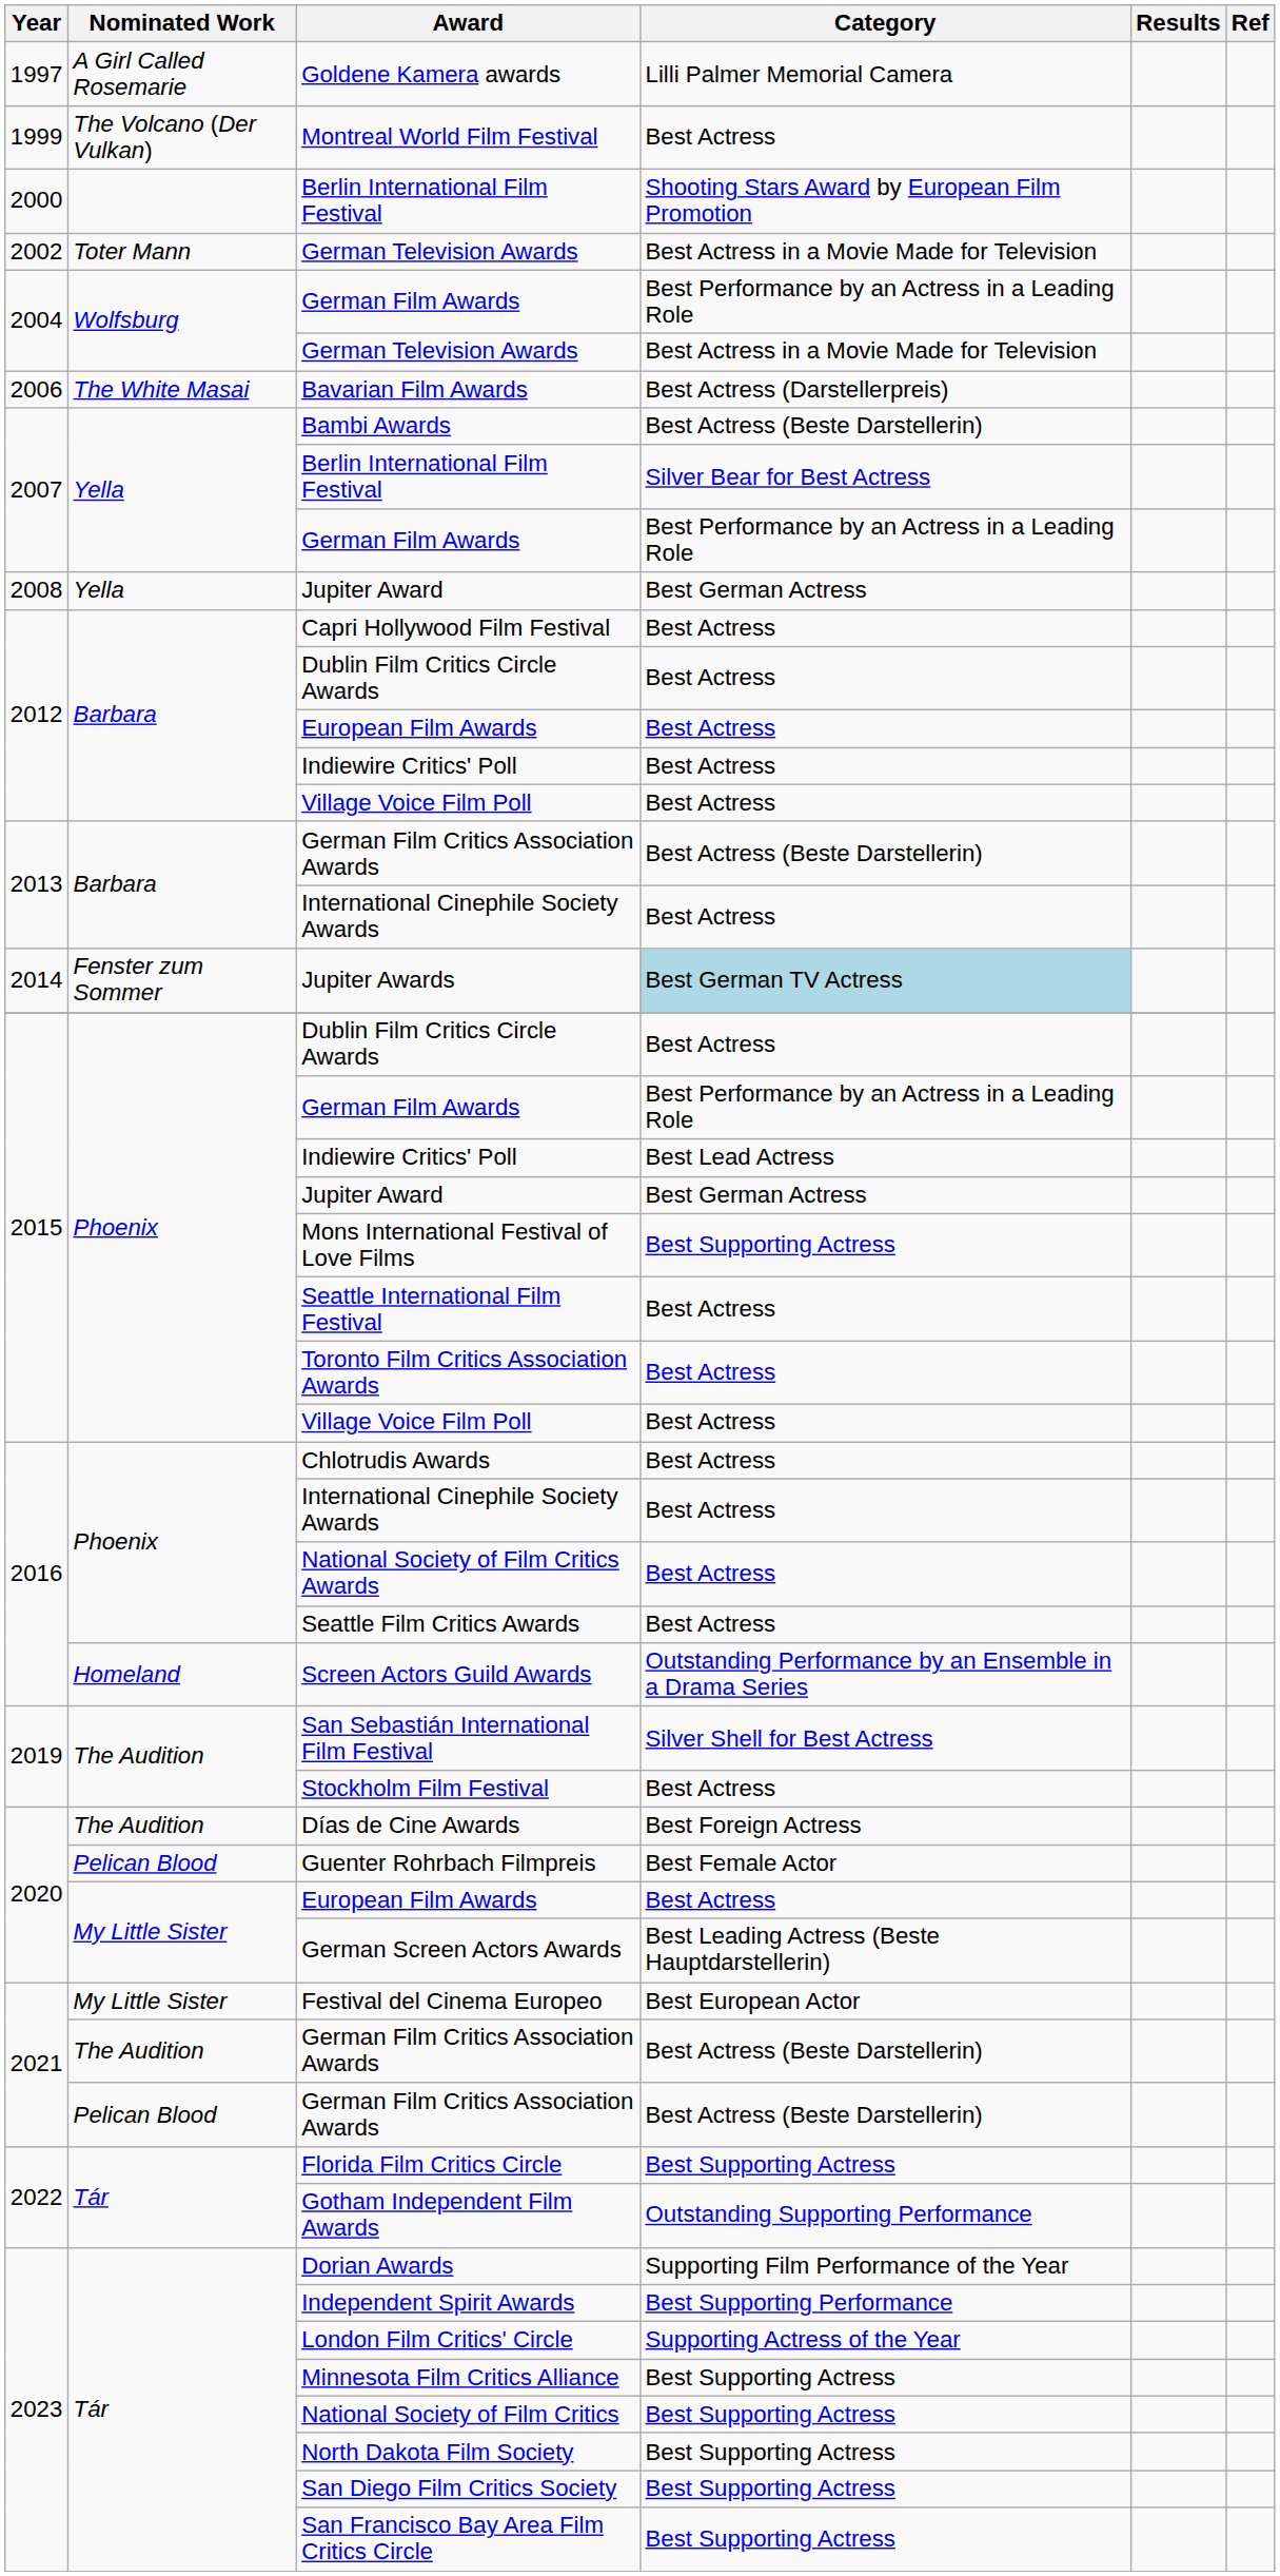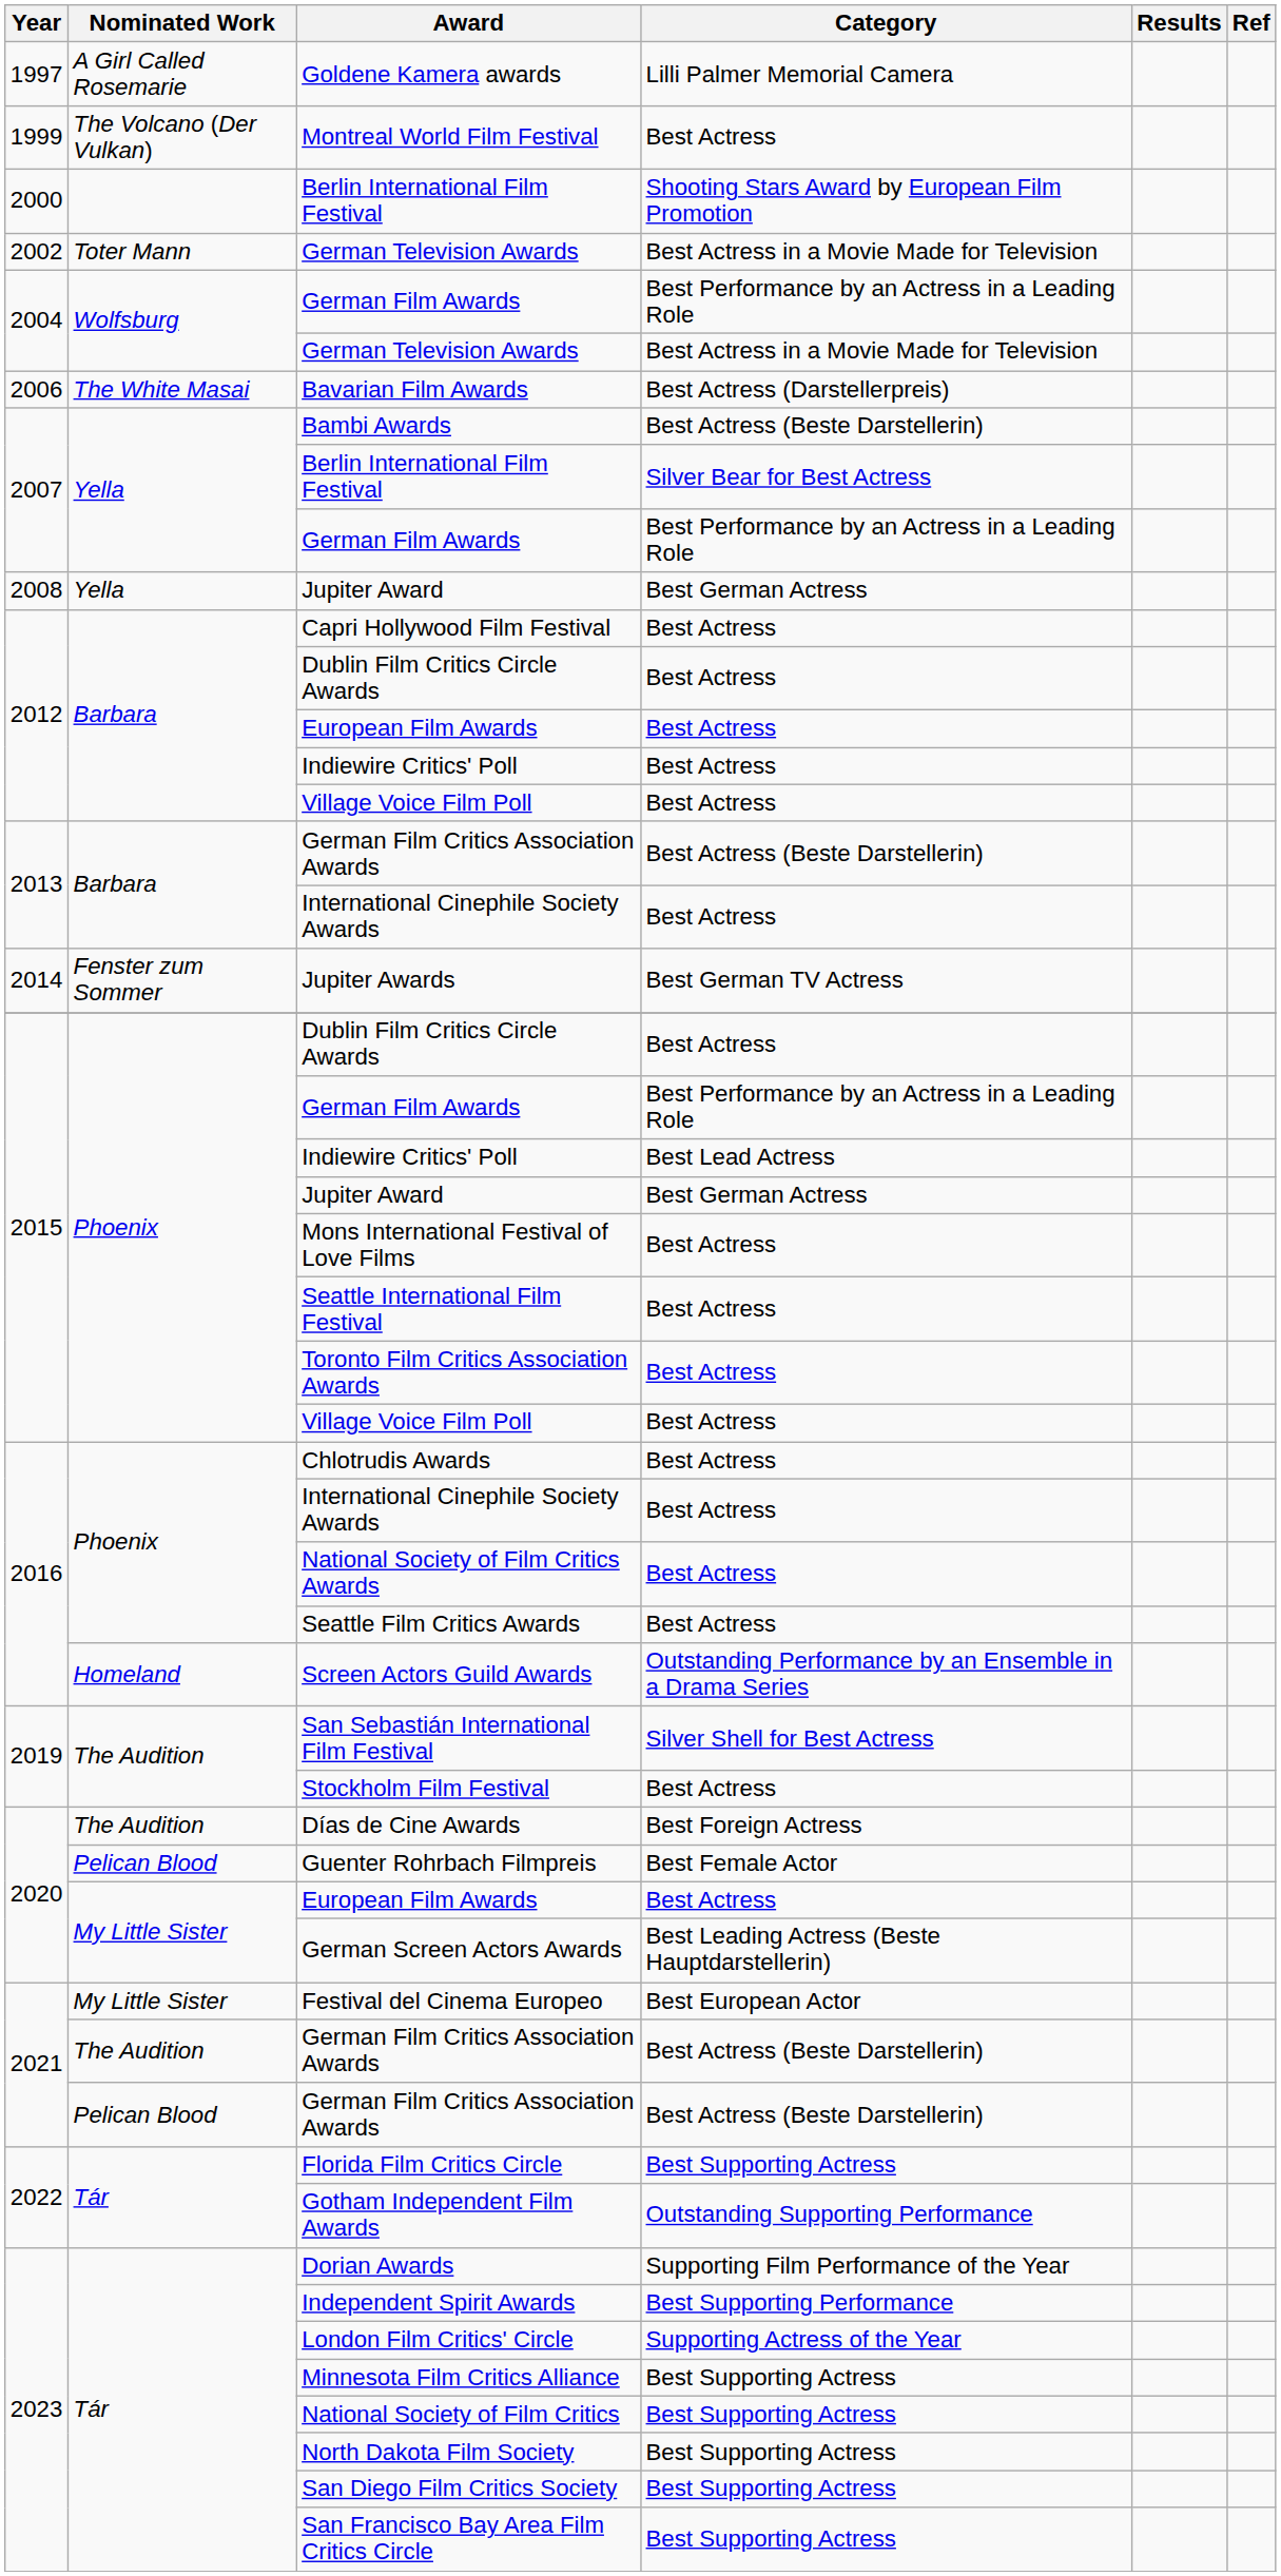 <table class="wikitable sortable">
 <tr>
 <th>Year</th>
 <th>Nominated Work</th>
 <th>Award</th>
 <th>Category</th>
 <th>Results</th>
 <th class="unsortable">Ref</th>
 </tr>
 <tr>
 <td>1997</td>
 <td><em>A Girl Called Rosemarie</em></td>
 <td><a href='#'>Goldene Kamera</a> awards</td>
 <td>Lilli Palmer Memorial Camera</td>
 <td></td>
 <td></td>
 </tr>
 <tr>
 <td>1999</td>
 <td><em>The Volcano</em> (<em>Der Vulkan</em>)</td>
 <td><a href='#'>Montreal World Film Festival</a></td>
 <td>Best Actress</td>
 <td></td>
 <td></td>
 </tr>
 <tr>
 <td>2000</td>
 <td></td>
 <td><a href='#'>Berlin International Film Festival</a></td>
 <td><a href='#'>Shooting Stars Award</a> by <a href='#'>European Film Promotion</a></td>
 <td></td>
 <td></td>
 </tr>
 <tr>
 <td>2002</td>
 <td><em>Toter Mann</em></td>
 <td><a href='#'>German Television Awards</a></td>
 <td>Best Actress in a Movie Made for Television</td>
 <td></td>
 <td></td>
 </tr>
 <tr>
 <td rowspan=2>2004</td>
 <td rowspan=2><em><a href='#'>Wolfsburg</a></em></td>
 <td><a href='#'>German Film Awards</a></td>
 <td>Best Performance by an Actress in a Leading Role</td>
 <td></td>
 <td></td>
 </tr>
 <tr>
 <td><a href='#'>German Television Awards</a></td>
 <td>Best Actress in a Movie Made for Television</td>
 <td></td>
 <td></td>
 </tr>
 <tr>
 <td>2006</td>
 <td><em><a href='#'>The White Masai</a></em></td>
 <td><a href='#'>Bavarian Film Awards</a></td>
 <td>Best Actress (Darstellerpreis)</td>
 <td></td>
 <td style="text-align:center;"></td>
 </tr>
 <tr>
 <td rowspan=3>2007</td>
 <td rowspan=3><em><a href='#'>Yella</a></em></td>
 <td><a href='#'>Bambi Awards</a></td>
 <td>Best Actress (Beste Darstellerin)</td>
 <td></td>
 <td></td>
 </tr>
 <tr>
 <td><a href='#'>Berlin International Film Festival</a></td>
 <td><a href='#'>Silver Bear for Best Actress</a></td>
 <td></td>
 <td></td>
 </tr>
 <tr>
 <td><a href='#'>German Film Awards</a></td>
 <td>Best Performance by an Actress in a Leading Role</td>
 <td></td>
 <td></td>
 </tr>
 <tr>
 <td>2008</td>
 <td><em>Yella</em></td>
 <td>Jupiter Award</td>
 <td>Best German Actress</td>
 <td></td>
 <td></td>
 </tr>
 <tr>
 <td rowspan=5>2012</td>
 <td rowspan=5><em><a href='#'>Barbara</a></em></td>
 <td>Capri Hollywood Film Festival</td>
 <td>Best Actress</td>
 <td></td>
 <td></td>
 </tr>
 <tr>
 <td>Dublin Film Critics Circle Awards</td>
 <td>Best Actress</td>
 <td></td>
 <td></td>
 </tr>
 <tr>
 <td><a href='#'>European Film Awards</a></td>
 <td><a href='#'>Best Actress</a></td>
 <td></td>
 <td></td>
 </tr>
 <tr>
 <td>Indiewire Critics' Poll</td>
 <td>Best Actress</td>
 <td></td>
 <td></td>
 </tr>
 <tr>
 <td><a href='#'>Village Voice Film Poll</a></td>
 <td>Best Actress</td>
 <td></td>
 <td></td>
 </tr>
 <tr>
 <td rowspan=2>2013</td>
 <td rowspan=2><em>Barbara</em></td>
 <td>German Film Critics Association Awards</td>
 <td>Best Actress (Beste Darstellerin)</td>
 <td></td>
 <td></td>
 </tr>
 <tr>
 <td>International Cinephile Society Awards</td>
 <td>Best Actress</td>
 <td></td>
 <td></td>
 </tr>
 <tr>
 <td>2014</td>
 <td><em>Fenster zum Sommer</em></td>
 <td>Jupiter Awards</td>
-<td style="background: lightblue;">Best German TV Actress</td>
+<td>Best German TV Actress</td>
 <td></td>
 <td></td>
 </tr>
 <tr>
 </tr>
 <tr>
 <td rowspan=8>2015</td>
 <td rowspan=8><em><a href='#'>Phoenix</a></em></td>
 <td>Dublin Film Critics Circle Awards</td>
 <td>Best Actress</td>
 <td></td>
 <td></td>
 </tr>
 <tr>
 <td><a href='#'>German Film Awards</a></td>
 <td>Best Performance by an Actress in a Leading Role</td>
 <td></td>
 <td></td>
 </tr>
 <tr>
 <td>Indiewire Critics' Poll</td>
 <td>Best Lead Actress</td>
 <td></td>
 <td></td>
 </tr>
 <tr>
 <td>Jupiter Award</td>
 <td>Best German Actress</td>
 <td></td>
 <td></td>
 </tr>
 <tr>
 <td>Mons International Festival of Love Films</td>
-<td><a href='#'>Best Supporting Actress</a></td>
+<td>Best Actress</td>
 <td></td>
 <td></td>
 </tr>
 <tr>
 <td><a href='#'>Seattle International Film Festival</a></td>
 <td>Best Actress</td>
 <td></td>
 <td></td>
 </tr>
 <tr>
 <td><a href='#'>Toronto Film Critics Association Awards</a></td>
 <td><a href='#'>Best Actress</a></td>
 <td></td>
 <td></td>
 </tr>
 <tr>
 <td><a href='#'>Village Voice Film Poll</a></td>
 <td>Best Actress</td>
 <td></td>
 <td></td>
 </tr>
 <tr>
 <td rowspan=5>2016</td>
 <td rowspan=4><em>Phoenix</em></td>
 <td>Chlotrudis Awards</td>
 <td>Best Actress</td>
 <td></td>
 <td></td>
 </tr>
 <tr>
 <td>International Cinephile Society Awards</td>
 <td>Best Actress</td>
 <td></td>
 <td></td>
 </tr>
 <tr>
 <td><a href='#'>National Society of Film Critics Awards</a></td>
 <td><a href='#'>Best Actress</a></td>
 <td></td>
 <td></td>
 </tr>
 <tr>
 <td>Seattle Film Critics Awards</td>
 <td>Best Actress</td>
 <td></td>
 <td></td>
 </tr>
 <tr>
 <td><em><a href='#'>Homeland</a></em></td>
 <td><a href='#'>Screen Actors Guild Awards</a></td>
 <td><a href='#'>Outstanding Performance by an Ensemble in a Drama Series</a></td>
 <td></td>
 <td></td>
 </tr>
 <tr>
 <td rowspan=2>2019</td>
 <td rowspan=2><em>The Audition</em></td>
 <td><a href='#'>San Sebastián International Film Festival</a></td>
 <td><a href='#'>Silver Shell for Best Actress</a></td>
 <td></td>
 <td style="text-align:center;"></td>
 </tr>
 <tr>
 <td><a href='#'>Stockholm Film Festival</a></td>
 <td>Best Actress</td>
 <td></td>
 <td></td>
 </tr>
 <tr>
 <td rowspan=4>2020</td>
 <td rowspan=1><em>The Audition</em></td>
 <td>Días de Cine Awards</td>
 <td>Best Foreign Actress</td>
 <td></td>
 <td></td>
 </tr>
 <tr>
 <td><em><a href='#'>Pelican Blood</a></em></td>
 <td>Guenter Rohrbach Filmpreis</td>
 <td>Best Female Actor</td>
 <td></td>
 <td></td>
 </tr>
 <tr>
 <td rowspan=2><em><a href='#'>My Little Sister</a></em></td>
 <td><a href='#'>European Film Awards</a></td>
 <td><a href='#'>Best Actress</a></td>
 <td></td>
 <td></td>
 </tr>
 <tr>
 <td>German Screen Actors Awards</td>
 <td>Best Leading Actress (Beste Hauptdarstellerin)</td>
 <td></td>
 <td></td>
 </tr>
 <tr>
 <td rowspan=3>2021</td>
 <td rowspan=1><em>My Little Sister</em></td>
 <td>Festival del Cinema Europeo</td>
 <td>Best European Actor</td>
 <td></td>
 <td></td>
 </tr>
 <tr>
 <td><em>The Audition</em></td>
 <td>German Film Critics Association Awards</td>
 <td>Best Actress (Beste Darstellerin)</td>
 <td></td>
 <td></td>
 </tr>
 <tr>
 <td><em>Pelican Blood</em></td>
 <td>German Film Critics Association Awards</td>
 <td>Best Actress (Beste Darstellerin)</td>
 <td></td>
 <td></td>
 </tr>
 <tr>
 <td rowspan=2>2022</td>
 <td rowspan=2><em><a href='#'>Tár</a></em></td>
 <td><a href='#'>Florida Film Critics Circle</a></td>
 <td><a href='#'>Best Supporting Actress</a></td>
 <td></td>
 <td style="text-align:center;"></td>
 </tr>
 <tr>
 <td><a href='#'>Gotham Independent Film Awards</a></td>
 <td><a href='#'>Outstanding Supporting Performance</a></td>
 <td></td>
 <td style="text-align:center;"></td>
 </tr>
 <tr>
 <td rowspan=8>2023</td>
 <td rowspan=8><em>Tár</em></td>
 <td><a href='#'>Dorian Awards</a></td>
 <td>Supporting Film Performance of the Year</td>
 <td></td>
 <td style="text-align:center;"></td>
 </tr>
 <tr>
 <td><a href='#'>Independent Spirit Awards</a></td>
 <td><a href='#'>Best Supporting Performance</a></td>
 <td></td>
 <td style="text-align:center;"></td>
 </tr>
 <tr>
 <td><a href='#'>London Film Critics' Circle</a></td>
 <td><a href='#'>Supporting Actress of the Year</a></td>
 <td></td>
 <td style="text-align:center;"></td>
 </tr>
 <tr>
 <td><a href='#'>Minnesota Film Critics Alliance</a></td>
 <td>Best Supporting Actress</td>
 <td></td>
 <td style="text-align:center;"></td>
 </tr>
 <tr>
 <td><a href='#'>National Society of Film Critics</a></td>
 <td><a href='#'>Best Supporting Actress</a></td>
 <td></td>
 <td style="text-align:center;"></td>
 </tr>
 <tr>
 <td><a href='#'>North Dakota Film Society</a></td>
 <td>Best Supporting Actress</td>
 <td></td>
 <td style="text-align:center;"></td>
 </tr>
 <tr>
 <td><a href='#'>San Diego Film Critics Society</a></td>
 <td><a href='#'>Best Supporting Actress</a></td>
 <td></td>
 <td style="text-align:center"></td>
 </tr>
 <tr>
 <td><a href='#'>San Francisco Bay Area Film Critics Circle</a></td>
 <td><a href='#'>Best Supporting Actress</a></td>
 <td></td>
 <td style="text-align:center;"></td>
 </tr>
 <tr>
 </tr>
 </table>
